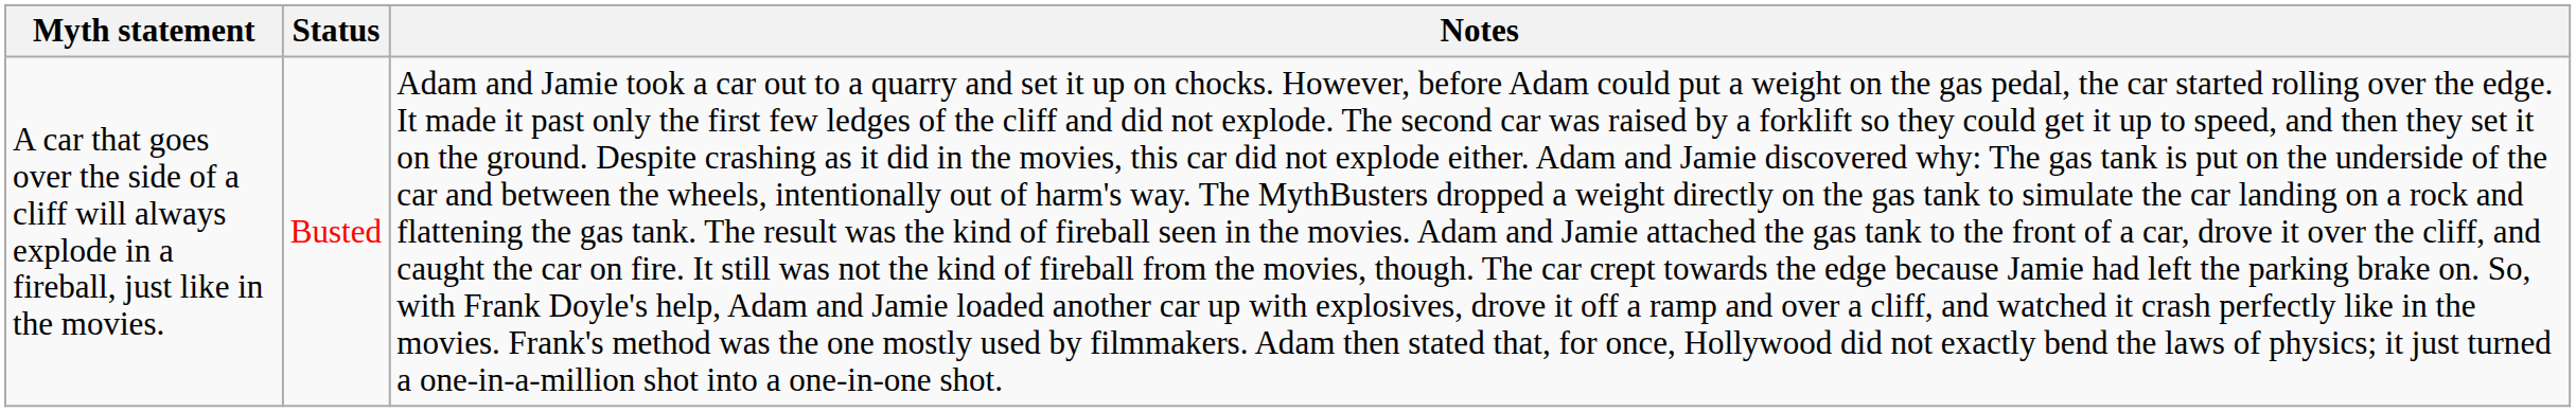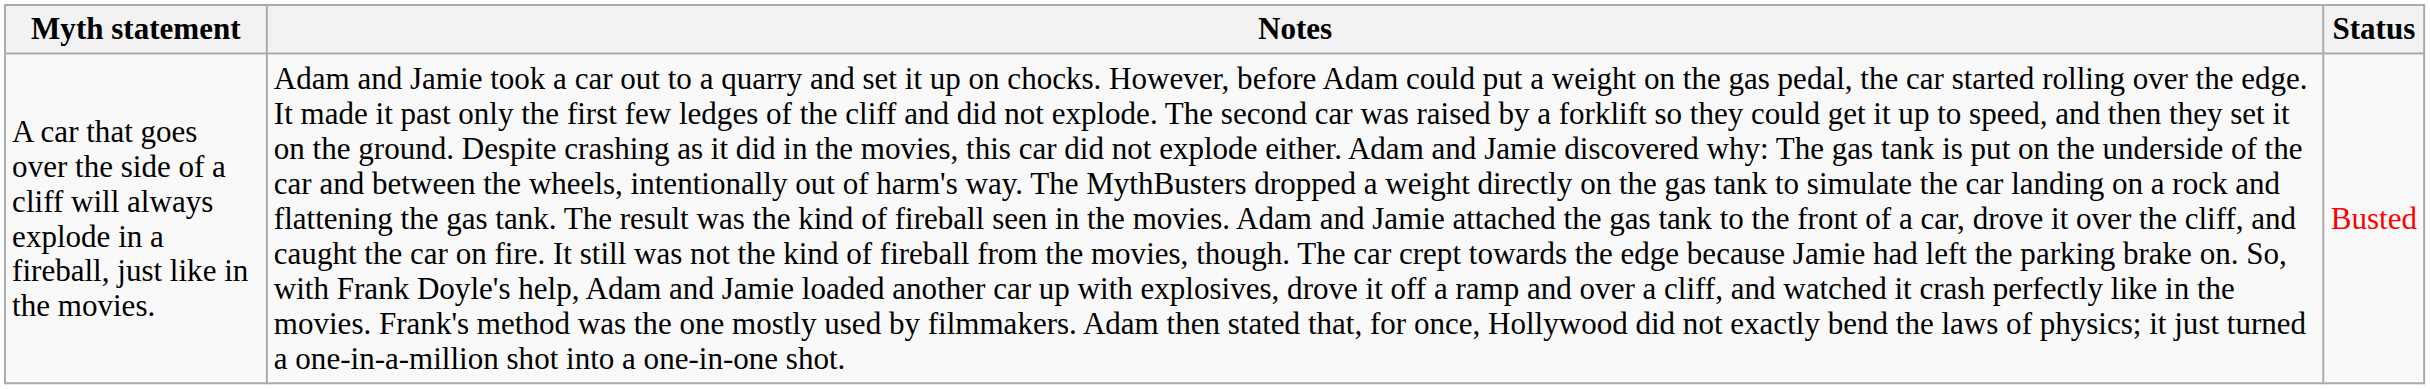 <table class="wikitable plainrowheaders">
 <tr>
 <th>Myth statement</th>
+<th>Notes</th>
 <th>Status</th>
-<th>Notes</th>
 </tr>
 <tr>
 <td>A car that goes over the side of a cliff will always explode in a fireball, just like in the movies.</td>
+<td>Adam and Jamie took a car out to a quarry and set it up on chocks. However, before Adam could put a weight on the gas pedal, the car started rolling over the edge. It made it past only the first few ledges of the cliff and did not explode. The second car was raised by a forklift so they could get it up to speed, and then they set it on the ground. Despite crashing as it did in the movies, this car did not explode either. Adam and Jamie discovered why: The gas tank is put on the underside of the car and between the wheels, intentionally out of harm's way. The MythBusters dropped a  weight directly on the gas tank to simulate the car landing on a rock and flattening the gas tank. The result was the kind of fireball seen in the movies. Adam and Jamie attached the gas tank to the front of a car, drove it over the cliff, and caught the car on fire. It still was not the kind of fireball from the movies, though. The car crept towards the edge because Jamie had left the parking brake on. So, with Frank Doyle's help, Adam and Jamie loaded another car up with explosives, drove it off a ramp and over a cliff, and watched it crash perfectly like in the movies. Frank's method was the one mostly used by filmmakers. Adam then stated that, for once, Hollywood did not exactly bend the laws of physics; it just turned a one-in-a-million shot into a one-in-one shot.</td>
 <td style="color:red">Busted</td>
-<td>Adam and Jamie took a car out to a quarry and set it up on chocks. However, before Adam could put a weight on the gas pedal, the car started rolling over the edge. It made it past only the first few ledges of the cliff and did not explode. The second car was raised by a forklift so they could get it up to speed, and then they set it on the ground. Despite crashing as it did in the movies, this car did not explode either. Adam and Jamie discovered why: The gas tank is put on the underside of the car and between the wheels, intentionally out of harm's way. The MythBusters dropped a  weight directly on the gas tank to simulate the car landing on a rock and flattening the gas tank. The result was the kind of fireball seen in the movies. Adam and Jamie attached the gas tank to the front of a car, drove it over the cliff, and caught the car on fire. It still was not the kind of fireball from the movies, though. The car crept towards the edge because Jamie had left the parking brake on. So, with Frank Doyle's help, Adam and Jamie loaded another car up with explosives, drove it off a ramp and over a cliff, and watched it crash perfectly like in the movies. Frank's method was the one mostly used by filmmakers. Adam then stated that, for once, Hollywood did not exactly bend the laws of physics; it just turned a one-in-a-million shot into a one-in-one shot.</td>
 </tr>
 </table>
